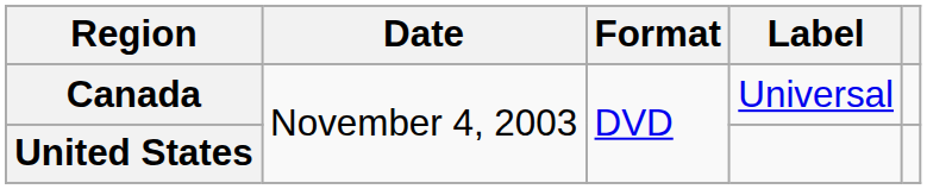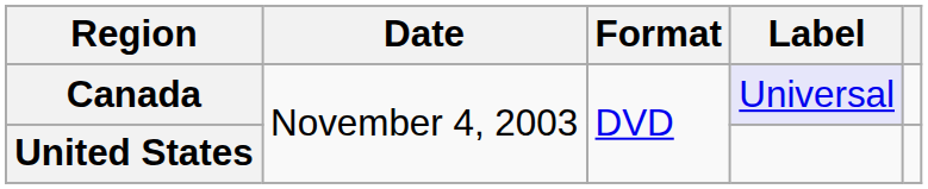 <table class="wikitable plainrowheaders">
 <tr>
 <th scope="col">Region</th>
 <th scope="col">Date</th>
 <th scope="col">Format</th>
 <th scope="col">Label</th>
 <th scope="col"></th>
 </tr>
 <tr>
 <th scope="row">Canada</th>
 <td rowspan="2">November 4, 2003</td>
 <td rowspan="2"><a href='#'>DVD</a></td>
-<td><a href='#'>Universal</a></td>
+<td style="background: lavender;"><a href='#'>Universal</a></td>
 <td></td>
 </tr>
 <tr>
 <th scope="row">United States</th>
 <td></td>
 <td></td>
 </tr>
 </table>
